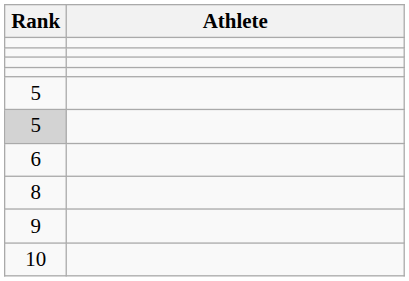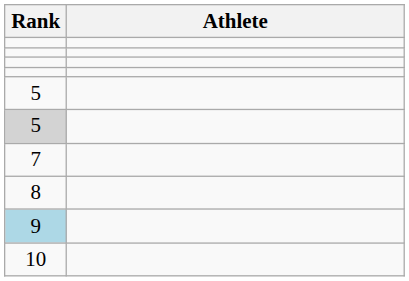 <table class="wikitable" style="text-align: center;">
 <tr>
 <th width=40>Rank</th>
 <th width=250>Athlete</th>
 </tr>
 <tr>
 <td></td>
 <td align="left"></td>
 </tr>
 <tr>
 <td></td>
 <td align="left"></td>
 </tr>
 <tr>
 <td></td>
 <td align="left"></td>
 </tr>
 <tr>
 <td></td>
 <td align="left"></td>
 </tr>
 <tr>
 <td>5</td>
 <td align="left"></td>
 </tr>
 <tr>
 <td style="background: lightgrey;">5</td>
 <td align="left"></td>
 </tr>
 <tr>
-<td>6</td>
+<td>7</td>
 <td align="left"></td>
 </tr>
 <tr>
 <td>8</td>
 <td align="left"></td>
 </tr>
 <tr>
-<td>9</td>
+<td style="background: lightblue;">9</td>
 <td align="left"></td>
 </tr>
 <tr>
 <td>10</td>
 <td align="left"></td>
 </tr>
 </table>
